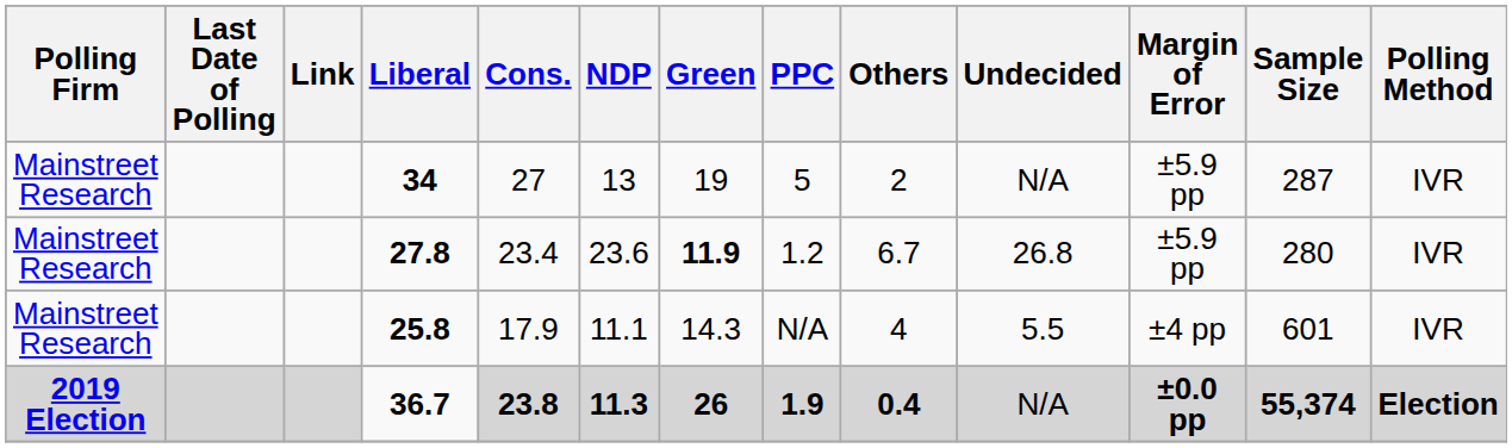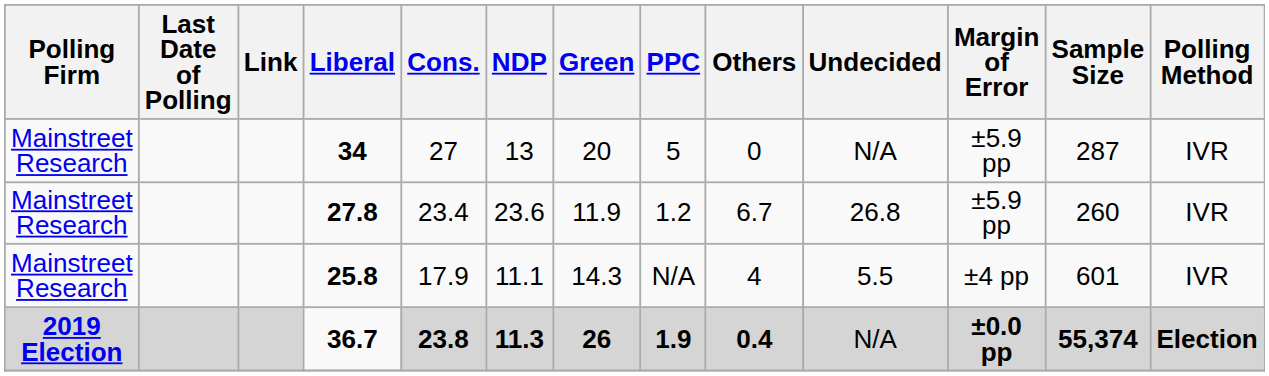 <table class="wikitable sortable" style="text-align:center;font-size:90%;line-height:14px;">
 <tr style="background:#e9e9e9;">
 <th style="width:120px">Polling Firm</th>
 <th style="width:110px">Last Date<br>of Polling</th>
 <th style="width:60px" class="unsortable">Link</th>
 <th style="background-color:"><a href='#'>Liberal</a></th>
 <th style="background-color:"><a href='#'>Cons.</a></th>
 <th style="background-color:"><a href='#'>NDP</a></th>
 <th style="background-color:"><a href='#'>Green</a></th>
 <th style="background-color:"><a href='#'><span>PPC</span></a></th>
 <th style="background-color:">Others</th>
 <th style="background-color:">Undecided</th>
 <th style="width:60px;" class=unsortable>Margin<br>of Error</th>
 <th style="width:50px;" class=unsortable>Sample<br>Size</th>
 <th class=unsortable>Polling Method</th>
 </tr>
 <tr>
 <td><a href='#'>Mainstreet Research</a></td>
 <td></td>
 <td></td>
 <td><strong>34</strong></td>
 <td>27</td>
 <td>13</td>
-<td>19</td>
+<td>20</td>
 <td>5</td>
-<td>2</td>
+<td>0</td>
 <td>N/A</td>
 <td>±5.9 pp</td>
 <td>287</td>
 <td>IVR</td>
 </tr>
 <tr>
 <td><a href='#'>Mainstreet Research</a></td>
 <td></td>
 <td></td>
 <td><strong>27.8</strong></td>
 <td>23.4</td>
 <td>23.6</td>
-<td><strong>11.9</strong></td>
+<td>11.9</td>
 <td>1.2</td>
 <td>6.7</td>
 <td>26.8</td>
 <td>±5.9 pp</td>
-<td>280</td>
+<td>260</td>
 <td>IVR</td>
 </tr>
 <tr>
 <td><a href='#'>Mainstreet Research</a></td>
 <td></td>
 <td></td>
 <td><strong>25.8</strong></td>
 <td>17.9</td>
 <td>11.1</td>
 <td>14.3</td>
 <td>N/A</td>
 <td>4</td>
 <td>5.5</td>
 <td>±4 pp</td>
 <td>601</td>
 <td>IVR</td>
 </tr>
 <tr>
 <td style="background:#D5D5D5"><strong><a href='#'>2019 Election</a></strong></td>
 <td style="background:#D5D5D5"><strong></strong></td>
 <td style="background:#D5D5D5"></td>
 <td><strong>36.7</strong></td>
 <td style="background:#D5D5D5"><strong>23.8</strong></td>
 <td style="background:#D5D5D5"><strong>11.3</strong></td>
 <td style="background:#D5D5D5"><strong>26</strong></td>
 <td style="background:#D5D5D5"><strong>1.9</strong></td>
 <td style="background:#D5D5D5"><strong>0.4</strong></td>
 <td style="background:#D5D5D5">N/A</td>
 <td style="background:#D5D5D5"><strong>±0.0 pp</strong></td>
 <td style="background:#D5D5D5"><strong>55,374</strong></td>
 <td style="background:#D5D5D5"><strong>Election</strong></td>
 </tr>
 <tr>
 </tr>
 <tr>
 </tr>
 </table>
